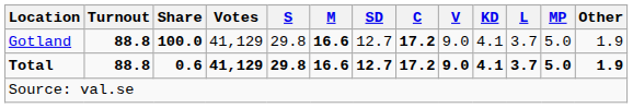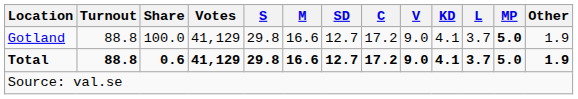 <table class="wikitable sortable" style=text-align:right>
 <tr>
 <th>Location</th>
 <th>Turnout</th>
 <th>Share</th>
 <th>Votes</th>
 <th><a href='#'>S</a></th>
 <th><a href='#'>M</a></th>
 <th><a href='#'>SD</a></th>
 <th><a href='#'>C</a></th>
 <th><a href='#'>V</a></th>
 <th><a href='#'>KD</a></th>
 <th><a href='#'>L</a></th>
 <th><a href='#'>MP</a></th>
 <th>Other</th>
 </tr>
 <tr>
 <td align=left><a href='#'>Gotland</a></td>
-<td><strong>88.8</strong></td>
-<td><strong>100.0</strong></td>
+<td>88.8</td>
+<td>100.0</td>
 <td>41,129</td>
 <td>29.8</td>
-<td><strong>16.6</strong></td>
+<td>16.6</td>
 <td>12.7</td>
-<td><strong>17.2</strong></td>
+<td>17.2</td>
 <td>9.0</td>
 <td>4.1</td>
 <td>3.7</td>
-<td>5.0</td>
+<td><strong>5.0</strong></td>
 <td>1.9</td>
 </tr>
 <tr>
 <td align=left><strong>Total</strong></td>
 <td><strong>88.8</strong></td>
 <td><strong>0.6</strong></td>
 <td><strong>41,129</strong></td>
 <td><strong>29.8</strong></td>
 <td><strong>16.6</strong></td>
 <td><strong>12.7</strong></td>
 <td><strong>17.2</strong></td>
 <td><strong>9.0</strong></td>
 <td><strong>4.1</strong></td>
 <td><strong>3.7</strong></td>
 <td><strong>5.0</strong></td>
 <td><strong>1.9</strong></td>
 </tr>
 <tr>
 <td align=left colspan=13>Source: val.se</td>
 </tr>
 </table>
